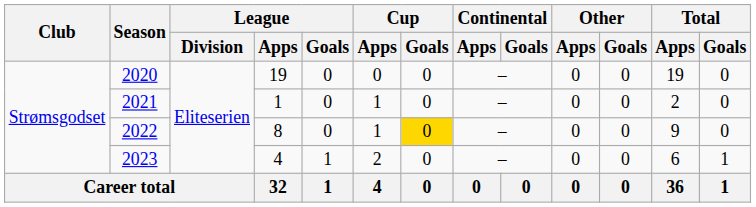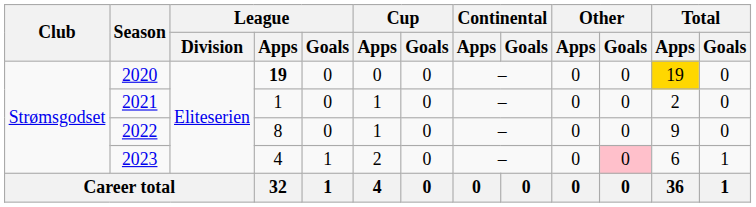 <table class="wikitable" style="text-align: center">
 <tr>
 <th rowspan="2">Club</th>
 <th rowspan="2">Season</th>
 <th colspan="3">League</th>
 <th colspan="2">Cup</th>
 <th colspan="2">Continental</th>
 <th colspan="2">Other</th>
 <th colspan="2">Total</th>
 </tr>
 <tr>
 <th>Division</th>
 <th>Apps</th>
 <th>Goals</th>
 <th>Apps</th>
 <th>Goals</th>
 <th>Apps</th>
 <th>Goals</th>
 <th>Apps</th>
 <th>Goals</th>
 <th>Apps</th>
 <th>Goals</th>
 </tr>
 <tr>
 <td rowspan="4" valign="center"><a href='#'>Strømsgodset</a></td>
 <td><a href='#'>2020</a></td>
 <td rowspan="4" valign="center"><a href='#'>Eliteserien</a></td>
-<td>19</td>
+<td><strong>19</strong></td>
 <td>0</td>
 <td>0</td>
 <td>0</td>
 <td colspan="2">–</td>
 <td>0</td>
 <td>0</td>
-<td>19</td>
+<td style="background: gold;">19</td>
 <td>0</td>
 </tr>
 <tr>
 <td><a href='#'>2021</a></td>
 <td>1</td>
 <td>0</td>
 <td>1</td>
 <td>0</td>
 <td colspan="2">–</td>
 <td>0</td>
 <td>0</td>
 <td>2</td>
 <td>0</td>
 </tr>
 <tr>
 <td><a href='#'>2022</a></td>
 <td>8</td>
 <td>0</td>
 <td>1</td>
-<td style="background: gold;">0</td>
+<td>0</td>
 <td colspan="2">–</td>
 <td>0</td>
 <td>0</td>
 <td>9</td>
 <td>0</td>
 </tr>
 <tr>
 <td><a href='#'>2023</a></td>
 <td>4</td>
 <td>1</td>
 <td>2</td>
 <td>0</td>
 <td colspan="2">–</td>
 <td>0</td>
-<td>0</td>
+<td style="background: pink;">0</td>
 <td>6</td>
 <td>1</td>
 </tr>
 <tr>
 <th colspan=3>Career total</th>
 <th>32</th>
 <th>1</th>
 <th>4</th>
 <th>0</th>
 <th>0</th>
 <th>0</th>
 <th>0</th>
 <th>0</th>
 <th>36</th>
 <th>1</th>
 </tr>
 </table>
